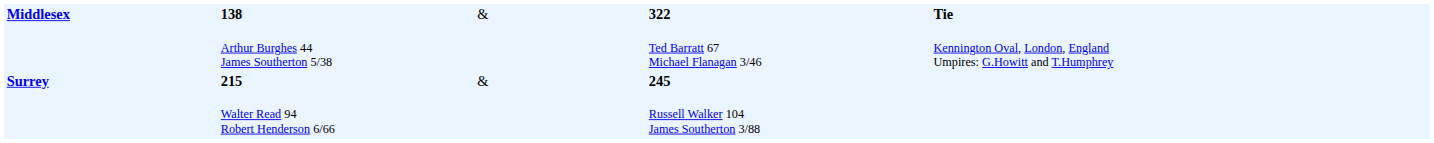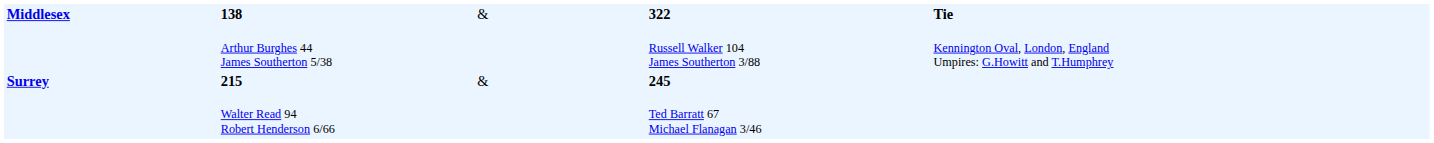 <table width="100%" style="background: #EBF5FF">
 <tr>
 <td width="15%" valign="top" rowspan="2"><strong><a href='#'>Middlesex</a></strong></td>
 <td width="18%"><strong>138</strong></td>
 <td width="12%">&</td>
 <td width="20%"><strong>322</strong></td>
 <td width="35%"><strong>Tie</strong></td>
 </tr>
 <tr>
 <td style="font-size: 85%;" valign="top"><br><a href='#'>Arthur Burghes</a> 44<br> <a href='#'>James Southerton</a> 5/38</td>
 <td></td>
-<td valign="top" style="font-size: 85%;"><br><a href='#'>Ted Barratt</a> 67<br> <a href='#'>Michael Flanagan</a> 3/46</td>
+<td style="font-size: 85%;"><br><a href='#'>Russell Walker</a> 104<br> <a href='#'>James Southerton</a> 3/88</td>
 <td valign="top" style="font-size: 85%;" rowspan="3"><br><a href='#'>Kennington Oval</a>, <a href='#'>London</a>, <a href='#'>England</a><br> Umpires: <a href='#'>G.Howitt</a> and <a href='#'>T.Humphrey</a></td>
 </tr>
 <tr>
 <td valign="top" rowspan="2"><strong><a href='#'>Surrey</a></strong></td>
 <td><strong>215</strong></td>
 <td>&</td>
 <td><strong>245</strong></td>
 </tr>
 <tr>
 <td style="font-size: 85%;"><br><a href='#'>Walter Read</a> 94<br> <a href='#'>Robert Henderson</a> 6/66</td>
 <td></td>
-<td style="font-size: 85%;"><br><a href='#'>Russell Walker</a> 104<br> <a href='#'>James Southerton</a> 3/88</td>
+<td valign="top" style="font-size: 85%;"><br><a href='#'>Ted Barratt</a> 67<br> <a href='#'>Michael Flanagan</a> 3/46</td>
 </tr>
 </table>
